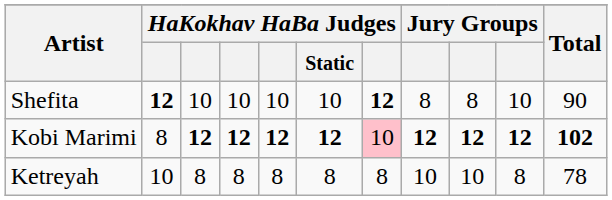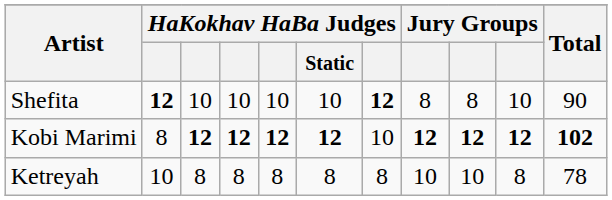 <table class="sortable wikitable" style="margin: 1em auto 1em auto; text-align:center; font-size:100%;">
 <tr>
 </tr>
 <tr>
 <th rowspan="2">Artist</th>
 <th colspan="6"><em>HaKokhav HaBa</em> Judges</th>
 <th colspan="3">Jury Groups</th>
 <th rowspan="2">Total</th>
 </tr>
 <tr>
 <th><small></small></th>
 <th><small></small></th>
 <th><small></small></th>
 <th><small></small></th>
 <th><small>Static</small></th>
 <th><small></small></th>
 <th><small></small></th>
 <th><small></small></th>
 <th><small></small></th>
 </tr>
 <tr>
 <td align="left">Shefita</td>
 <td><strong>12</strong></td>
 <td>10</td>
 <td>10</td>
 <td>10</td>
 <td>10</td>
 <td><strong>12</strong></td>
 <td>8</td>
 <td>8</td>
 <td>10</td>
 <td>90</td>
 </tr>
 <tr>
 <td align="left">Kobi Marimi</td>
 <td>8</td>
 <td><strong>12</strong></td>
 <td><strong>12</strong></td>
 <td><strong>12</strong></td>
 <td><strong>12</strong></td>
-<td style="background: pink;">10</td>
+<td>10</td>
 <td><strong>12</strong></td>
 <td><strong>12</strong></td>
 <td><strong>12</strong></td>
 <td><strong>102</strong></td>
 </tr>
 <tr>
 <td align="left">Ketreyah</td>
 <td>10</td>
 <td>8</td>
 <td>8</td>
 <td>8</td>
 <td>8</td>
 <td>8</td>
 <td>10</td>
 <td>10</td>
 <td>8</td>
 <td>78</td>
 </tr>
 </table>
